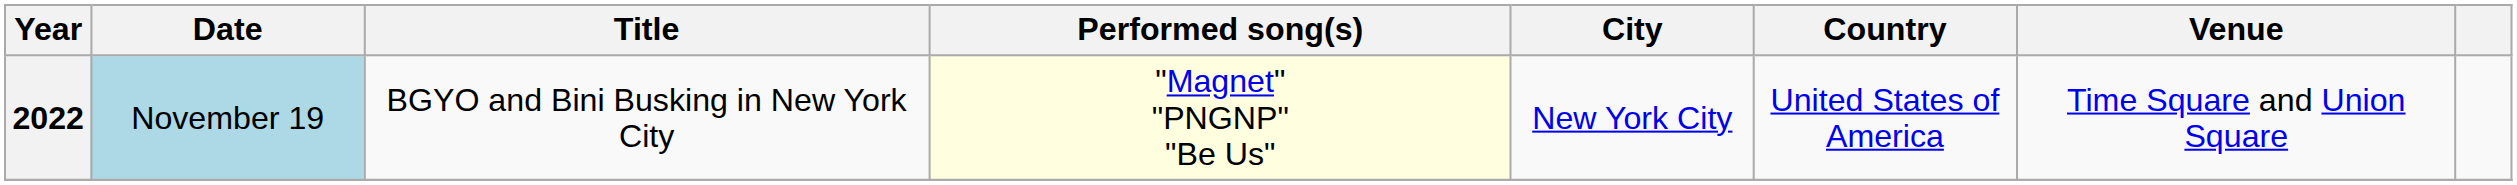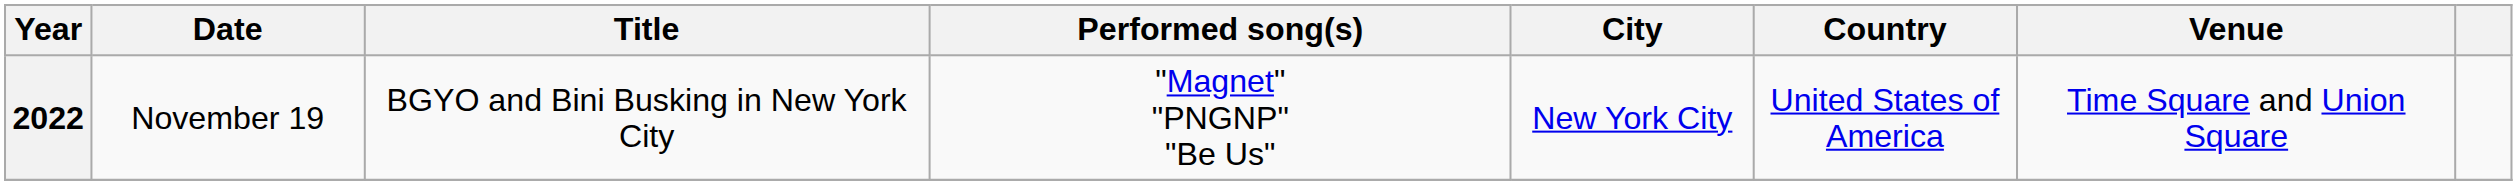 <table class="wikitable sortable plainrowheaders" style="text-align:center;">
 <tr>
 <th scope="col" style="width:1em;">Year</th>
 <th scope="col" style="width:10em;">Date</th>
 <th scope="col" style="width:25em;">Title</th>
 <th scope="col" style="width:25em;">Performed song(s)</th>
 <th scope="col" style="width:10em;">City</th>
 <th scope="col" style="width:10em;">Country</th>
 <th scope="col" style="width:19em;">Venue</th>
 <th scope="col" style="width:2em;"></th>
 </tr>
 <tr>
 <th style="text-align:center" scope="row" rowspan="1"><strong>2022</strong></th>
-<td scope="row" style="background: lightblue;">November 19</td>
+<td scope="row">November 19</td>
 <td>BGYO and Bini Busking in New York City</td>
-<td style="background: lightyellow;">"<a href='#'>Magnet</a>" <br>"PNGNP" <br>"Be Us"</td>
+<td>"<a href='#'>Magnet</a>" <br>"PNGNP" <br>"Be Us"</td>
 <td scope="row" rowspan="1"><a href='#'>New York City</a></td>
 <td scope="row" rowspan="1"><a href='#'>United States of America</a></td>
 <td scope="row" rowspan="1"><a href='#'>Time Square</a> and <a href='#'>Union Square</a></td>
 <td></td>
 </tr>
 <tr>
 </tr>
 </table>
